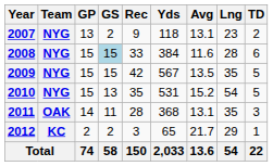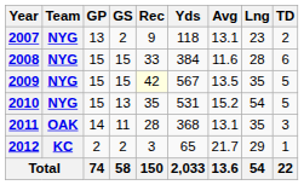 <table class="wikitable" style="text-align: center;">
 <tr>
 <th>Year</th>
 <th>Team</th>
 <th>GP</th>
 <th>GS</th>
 <th>Rec</th>
 <th>Yds</th>
 <th>Avg</th>
 <th>Lng</th>
 <th>TD</th>
 </tr>
 <tr>
 <th><a href='#'>2007</a></th>
 <th><a href='#'>NYG</a></th>
 <td>13</td>
 <td>2</td>
 <td>9</td>
 <td>118</td>
 <td>13.1</td>
 <td>23</td>
 <td>2</td>
 </tr>
 <tr>
 <th><a href='#'>2008</a></th>
 <th><a href='#'>NYG</a></th>
 <td>15</td>
-<td style="background: lightblue;">15</td>
+<td>15</td>
 <td>33</td>
 <td>384</td>
 <td>11.6</td>
 <td>28</td>
 <td>6</td>
 </tr>
 <tr>
 <th><a href='#'>2009</a></th>
 <th><a href='#'>NYG</a></th>
 <td>15</td>
 <td>15</td>
-<td>42</td>
+<td style="background: lightyellow;">42</td>
 <td>567</td>
 <td>13.5</td>
 <td>35</td>
 <td>5</td>
 </tr>
 <tr>
 <th><a href='#'>2010</a></th>
 <th><a href='#'>NYG</a></th>
 <td>15</td>
 <td>13</td>
 <td>35</td>
 <td>531</td>
 <td>15.2</td>
 <td>54</td>
 <td>5</td>
 </tr>
 <tr>
 <th><a href='#'>2011</a></th>
 <th><a href='#'>OAK</a></th>
 <td>14</td>
 <td>11</td>
 <td>28</td>
 <td>368</td>
 <td>13.1</td>
 <td>35</td>
 <td>3</td>
 </tr>
 <tr>
 <th><a href='#'>2012</a></th>
 <th><a href='#'>KC</a></th>
 <td>2</td>
 <td>2</td>
 <td>3</td>
 <td>65</td>
 <td>21.7</td>
 <td>29</td>
 <td>1</td>
 </tr>
 <tr>
 <th colspan="2">Total</th>
 <th>74</th>
 <th>58</th>
 <th>150</th>
 <th>2,033</th>
 <th>13.6</th>
 <th>54</th>
 <th>22</th>
 </tr>
 </table>
